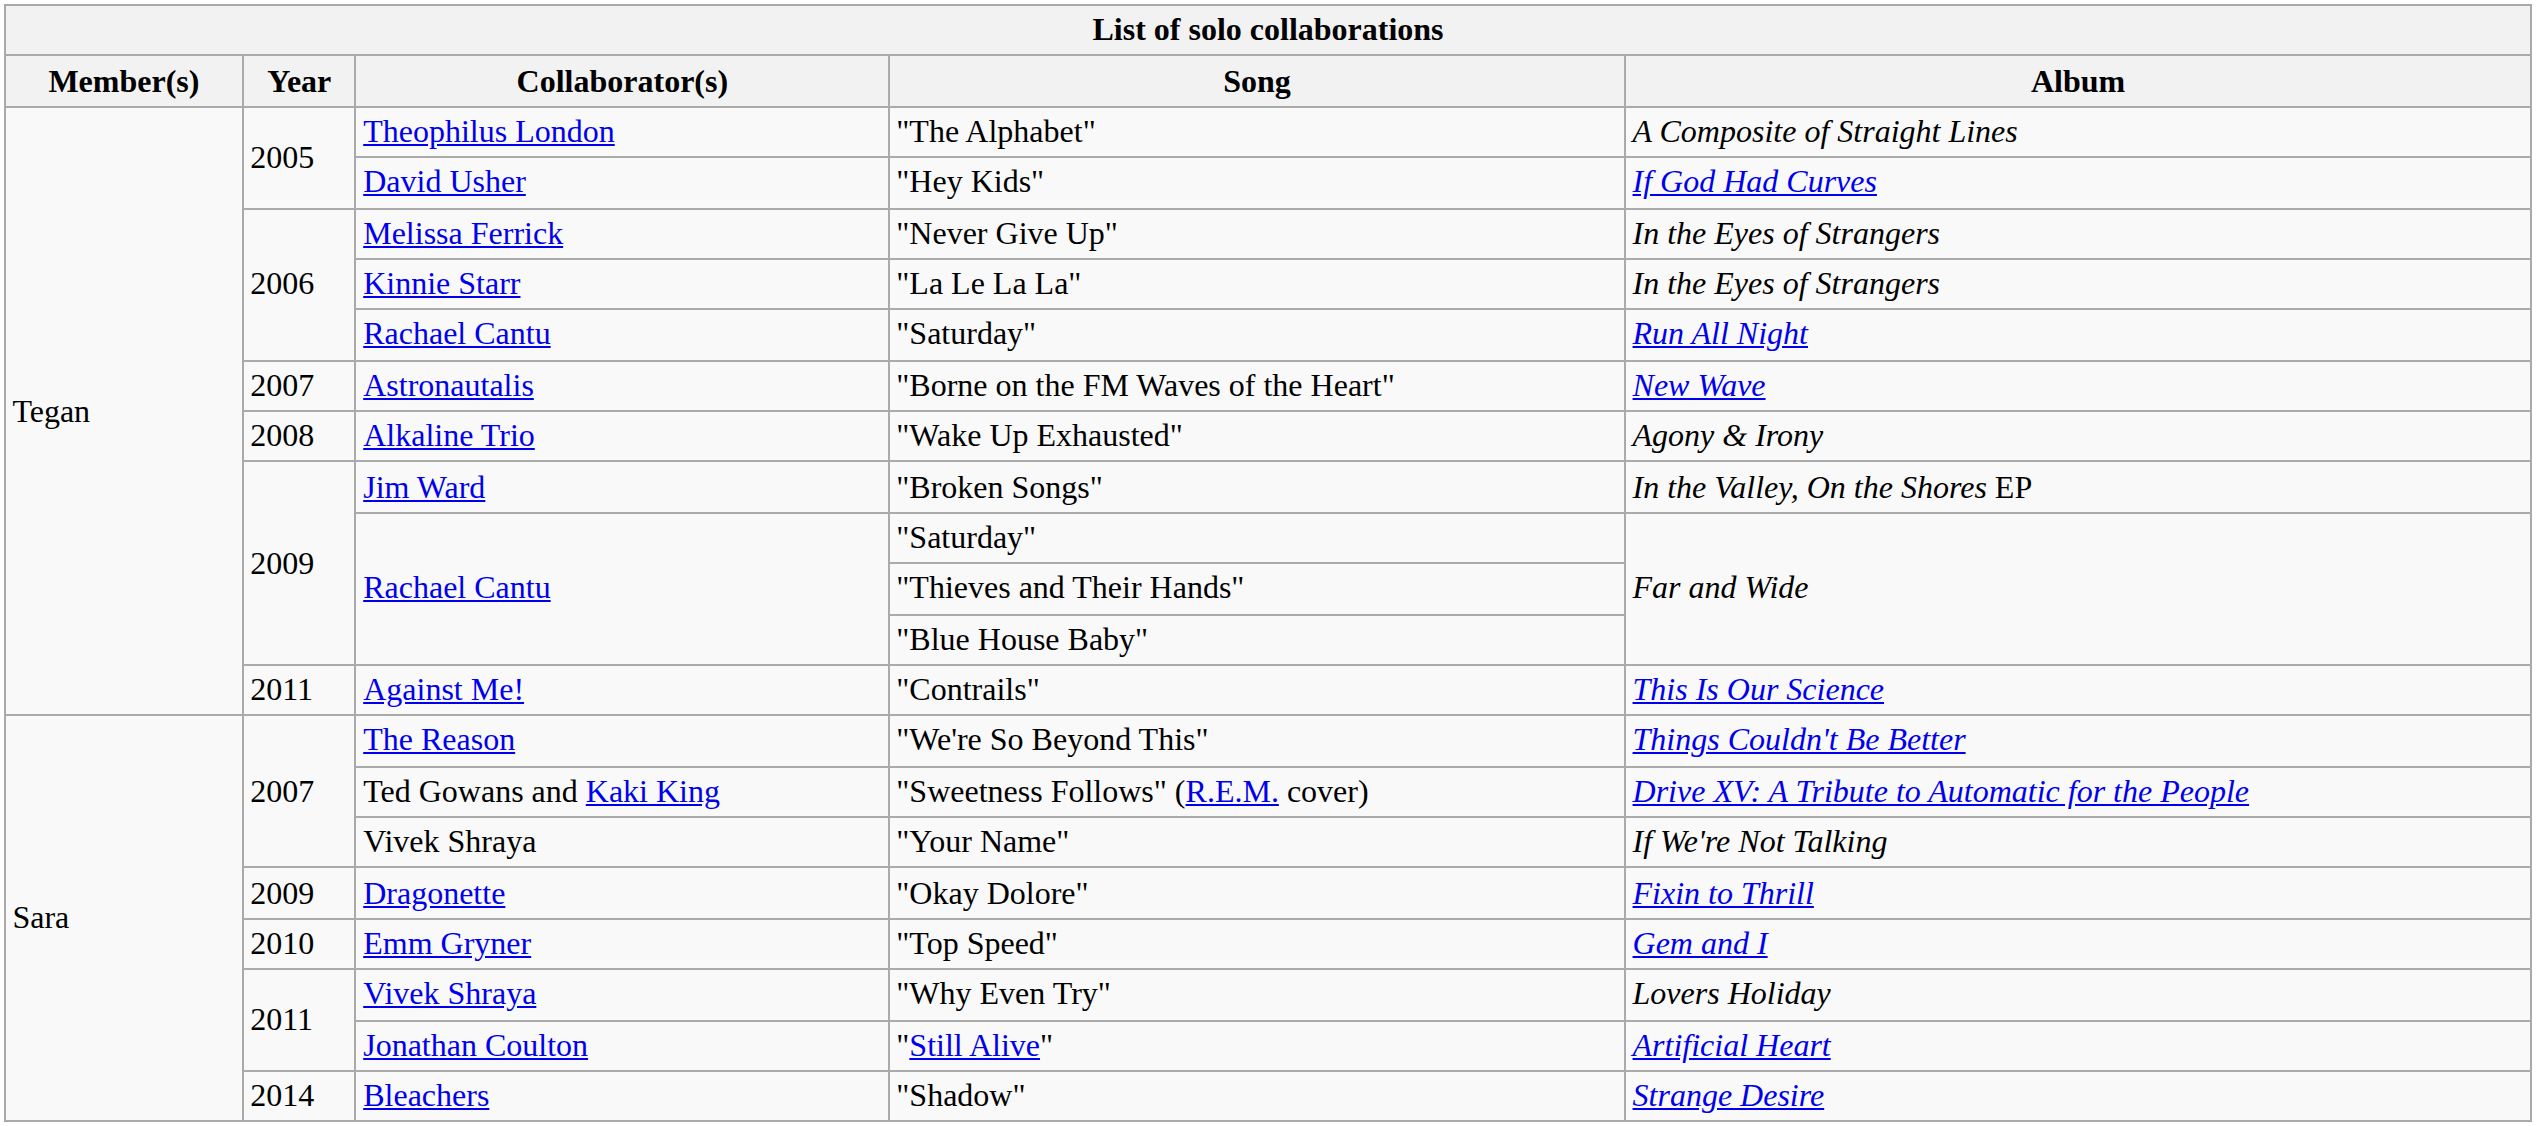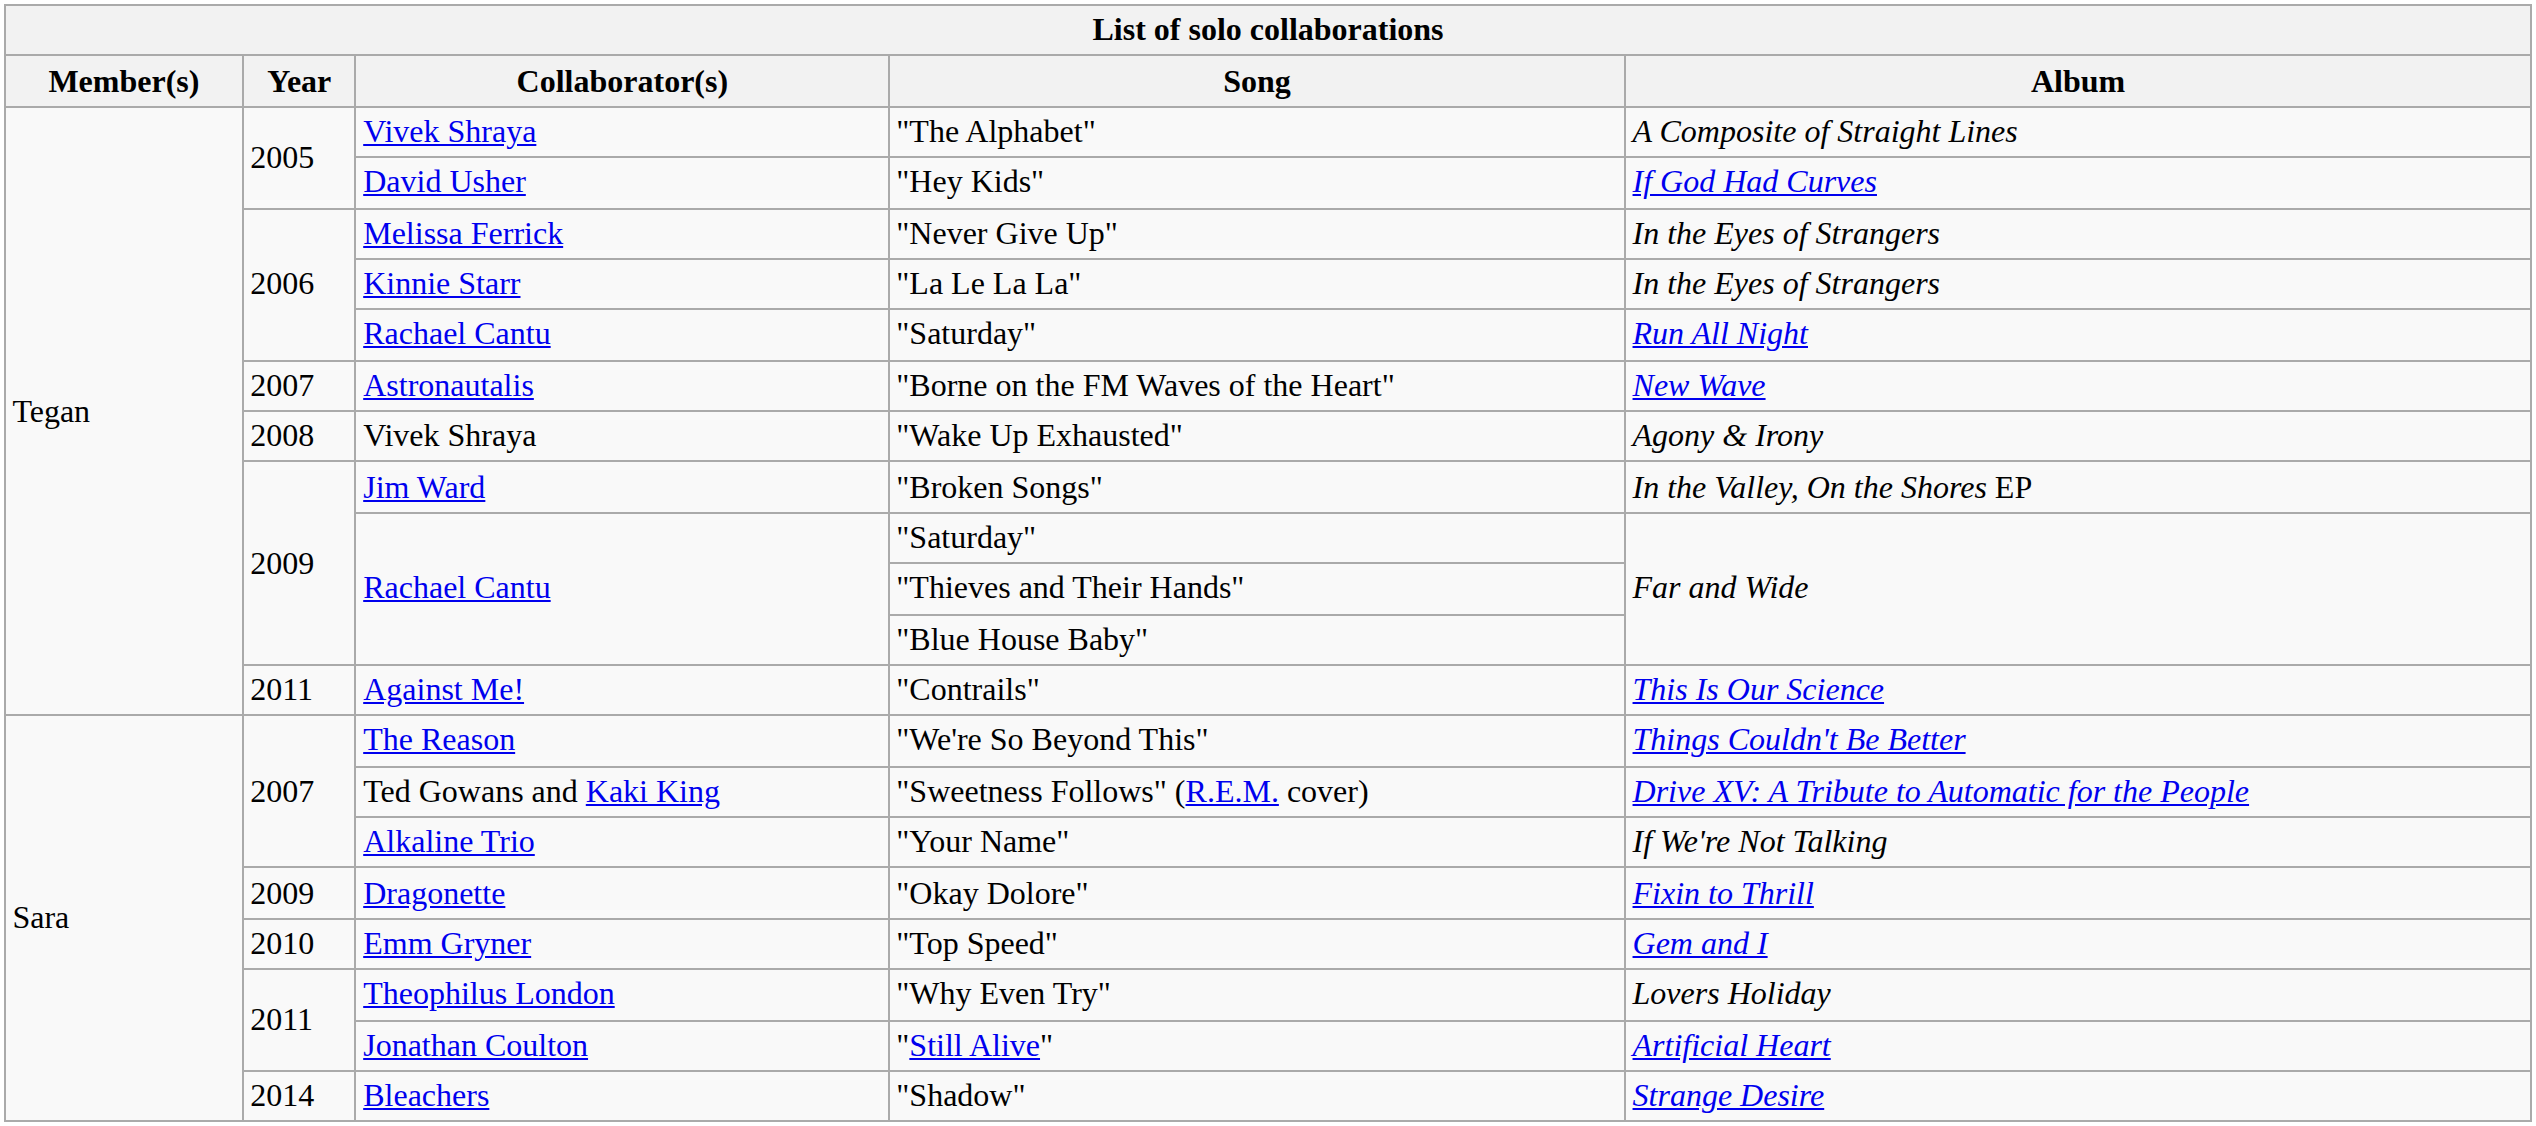 <table class="wikitable collapsible collapsed" style="width:100%;">
 <tr>
 <th colspan=5>List of solo collaborations</th>
 </tr>
 <tr>
 <th>Member(s)</th>
 <th>Year</th>
 <th>Collaborator(s)</th>
 <th>Song</th>
 <th>Album</th>
 </tr>
 <tr>
 <td rowspan="12">Tegan</td>
 <td rowspan="2">2005</td>
-<td><a href='#'>Theophilus London</a></td>
+<td><a href='#'>Vivek Shraya</a></td>
 <td>"The Alphabet"</td>
 <td><em>A Composite of Straight Lines</em></td>
 </tr>
 <tr>
 <td><a href='#'>David Usher</a></td>
 <td>"Hey Kids"</td>
 <td><em><a href='#'>If God Had Curves</a></em></td>
 </tr>
 <tr>
 <td rowspan="3">2006</td>
 <td><a href='#'>Melissa Ferrick</a></td>
 <td>"Never Give Up"</td>
 <td><em>In the Eyes of Strangers</em></td>
 </tr>
 <tr>
 <td><a href='#'>Kinnie Starr</a></td>
 <td>"La Le La La"</td>
 <td><em>In the Eyes of Strangers</em></td>
 </tr>
 <tr>
 <td><a href='#'>Rachael Cantu</a></td>
 <td>"Saturday"</td>
 <td><em><a href='#'>Run All Night</a></em></td>
 </tr>
 <tr>
 <td>2007</td>
 <td><a href='#'>Astronautalis</a></td>
 <td>"Borne on the FM Waves of the Heart"</td>
 <td><em><a href='#'>New Wave</a></em></td>
 </tr>
 <tr>
 <td>2008</td>
-<td><a href='#'>Alkaline Trio</a></td>
+<td>Vivek Shraya</td>
 <td>"Wake Up Exhausted"</td>
 <td><em>Agony & Irony</em></td>
 </tr>
 <tr>
 <td rowspan="4">2009</td>
 <td><a href='#'>Jim Ward</a></td>
 <td>"Broken Songs"</td>
 <td><em>In the Valley, On the Shores</em> EP</td>
 </tr>
 <tr>
 <td rowspan="3"><a href='#'>Rachael Cantu</a></td>
 <td>"Saturday"</td>
 <td rowspan="3"><em>Far and Wide</em></td>
 </tr>
 <tr>
 <td>"Thieves and Their Hands"</td>
 </tr>
 <tr>
 <td>"Blue House Baby"</td>
 </tr>
 <tr>
 <td>2011</td>
 <td><a href='#'>Against Me!</a></td>
 <td>"Contrails"</td>
 <td><em><a href='#'>This Is Our Science</a></em></td>
 </tr>
 <tr>
 <td rowspan="8">Sara</td>
 <td rowspan="3">2007</td>
 <td><a href='#'>The Reason</a></td>
 <td>"We're So Beyond This"</td>
 <td><em><a href='#'>Things Couldn't Be Better</a></em></td>
 </tr>
 <tr>
 <td>Ted Gowans and <a href='#'>Kaki King</a></td>
 <td>"Sweetness Follows" (<a href='#'>R.E.M.</a> cover)</td>
 <td><em><a href='#'>Drive XV: A Tribute to Automatic for the People</a></em></td>
 </tr>
 <tr>
-<td>Vivek Shraya</td>
+<td><a href='#'>Alkaline Trio</a></td>
 <td>"Your Name"</td>
 <td><em>If We're Not Talking</em></td>
 </tr>
 <tr>
 <td>2009</td>
 <td><a href='#'>Dragonette</a></td>
 <td>"Okay Dolore"</td>
 <td><em><a href='#'>Fixin to Thrill</a></em></td>
 </tr>
 <tr>
 <td>2010</td>
 <td><a href='#'>Emm Gryner</a></td>
 <td>"Top Speed"</td>
 <td><em><a href='#'>Gem and I</a></em></td>
 </tr>
 <tr>
 <td rowspan="2">2011</td>
-<td><a href='#'>Vivek Shraya</a></td>
+<td><a href='#'>Theophilus London</a></td>
 <td>"Why Even Try"</td>
 <td><em>Lovers Holiday</em></td>
 </tr>
 <tr>
 <td><a href='#'>Jonathan Coulton</a></td>
 <td>"<a href='#'>Still Alive</a>"</td>
 <td><em><a href='#'>Artificial Heart</a></em></td>
 </tr>
 <tr>
 <td>2014</td>
 <td><a href='#'>Bleachers</a></td>
 <td>"Shadow"</td>
 <td><em><a href='#'>Strange Desire</a></em></td>
 </tr>
 </table>
